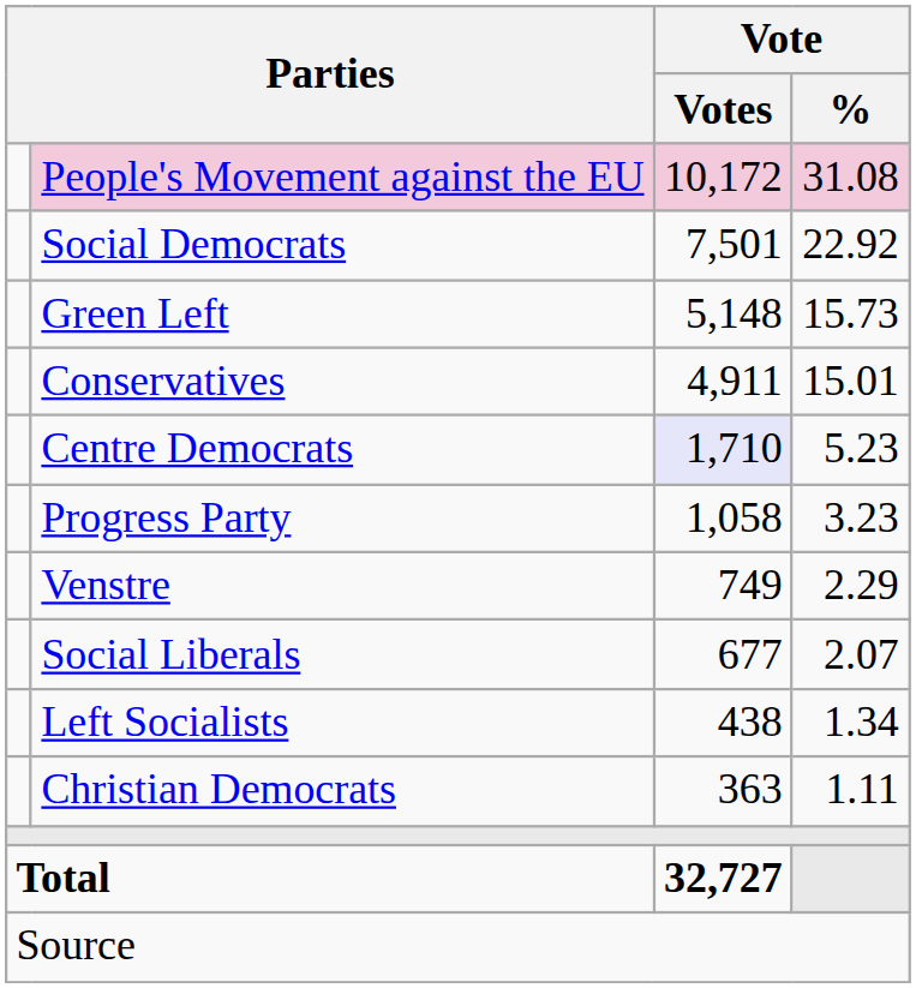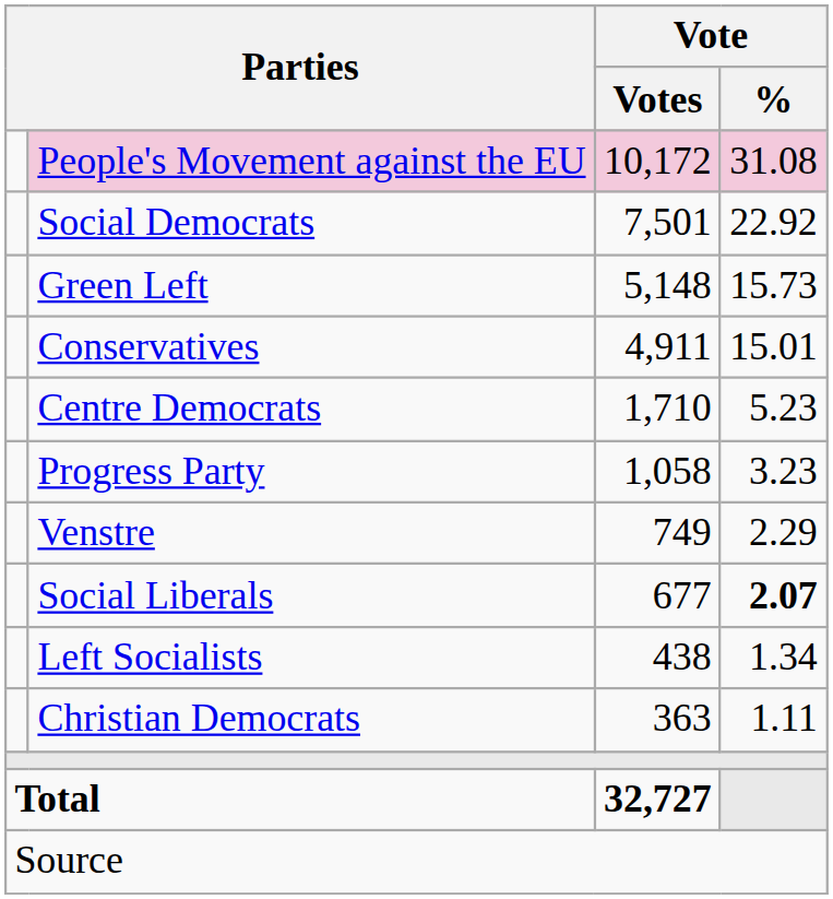 <table class="wikitable" style="text-align:right;">
 <tr>
 <th style="text-align:centre;" rowspan="2" colspan="2" width="225">Parties</th>
 <th colspan="3">Vote</th>
 </tr>
 <tr>
 <th width="15">Votes</th>
 <th width="15">%</th>
 </tr>
 <tr>
 <td width="2" style="color:inherit;background:"></td>
 <td bgcolor=#f3c9dc   align="left"><a href='#'>People's Movement against the EU</a></td>
 <td bgcolor=#f3c9dc>10,172</td>
 <td bgcolor=#f3c9dc>31.08</td>
 </tr>
 <tr>
 <td width="2" style="color:inherit;background:"></td>
 <td align="left"><a href='#'>Social Democrats</a></td>
 <td>7,501</td>
 <td>22.92</td>
 </tr>
 <tr>
 <td width="2" style="color:inherit;background:"></td>
 <td align="left"><a href='#'>Green Left</a></td>
 <td>5,148</td>
 <td>15.73</td>
 </tr>
 <tr>
 <td width="2" style="color:inherit;background:"></td>
 <td align="left"><a href='#'>Conservatives</a></td>
 <td>4,911</td>
 <td>15.01</td>
 </tr>
 <tr>
 <td width="2" style="color:inherit;background:"></td>
 <td align="left"><a href='#'>Centre Democrats</a></td>
-<td style="background: lavender;">1,710</td>
+<td>1,710</td>
 <td>5.23</td>
 </tr>
 <tr>
 <td width="2" style="color:inherit;background:"></td>
 <td align="left"><a href='#'>Progress Party</a></td>
 <td>1,058</td>
 <td>3.23</td>
 </tr>
 <tr>
 <td width="2" style="color:inherit;background:"></td>
 <td align="left"><a href='#'>Venstre</a></td>
 <td>749</td>
 <td>2.29</td>
 </tr>
 <tr>
 <td width="2" style="color:inherit;background:"></td>
 <td align="left"><a href='#'>Social Liberals</a></td>
 <td>677</td>
-<td>2.07</td>
+<td><strong>2.07</strong></td>
 </tr>
 <tr>
 <td width="2" style="color:inherit;background:"></td>
 <td align="left"><a href='#'>Left Socialists</a></td>
 <td>438</td>
 <td>1.34</td>
 </tr>
 <tr>
 <td width="2" style="color:inherit;background:"></td>
 <td align="left"><a href='#'>Christian Democrats</a></td>
 <td>363</td>
 <td>1.11</td>
 </tr>
 <tr>
 <td colspan="7" bgcolor="#E9E9E9"></td>
 </tr>
 <tr>
 <td align="left" colspan="2"><strong>Total</strong></td>
 <td><strong>32,727</strong></td>
 <td bgcolor="#E9E9E9" colspan="2"></td>
 </tr>
 <tr>
 <td align="left" colspan="6">Source</td>
 </tr>
 </table>
